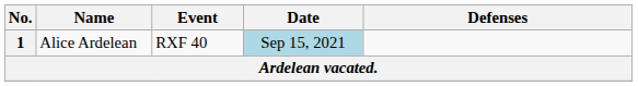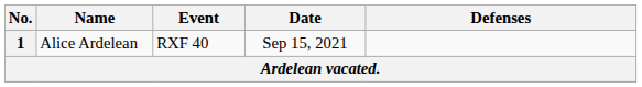 <table class="wikitable" width=100%>
 <tr>
 <th width=1%>No.</th>
 <th width=19%>Name</th>
 <th width=15%>Event</th>
 <th width=20%>Date</th>
 <th width=45%>Defenses</th>
 </tr>
 <tr>
 <th>1</th>
 <td> Alice Ardelean <br></td>
 <td>RXF 40 <br></td>
-<td align=center style="background: lightblue;">Sep 15, 2021</td>
+<td align=center>Sep 15, 2021</td>
 <td></td>
 </tr>
 <tr>
 <th colspan=5 align=center><em>Ardelean vacated.</em></th>
 </tr>
 <tr>
 </tr>
 </table>
